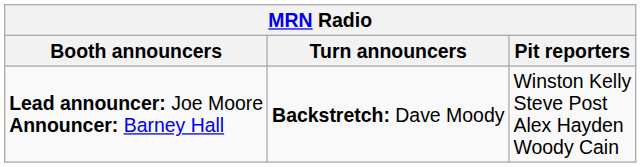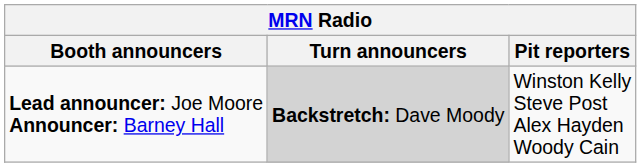 <table class="wikitable" style="font-size: 95%;">
 <tr>
 <th colspan="3"><a href='#'>MRN</a> Radio</th>
 </tr>
 <tr>
 <th>Booth announcers</th>
 <th>Turn announcers</th>
 <th>Pit reporters</th>
 </tr>
 <tr>
 <td><strong>Lead announcer:</strong> Joe Moore<br><strong>Announcer:</strong> <a href='#'>Barney Hall</a></td>
-<td><strong>Backstretch:</strong> Dave Moody</td>
+<td style="background: lightgrey;"><strong>Backstretch:</strong> Dave Moody</td>
 <td>Winston Kelly<br>Steve Post<br>Alex Hayden<br>Woody Cain</td>
 </tr>
 </table>
